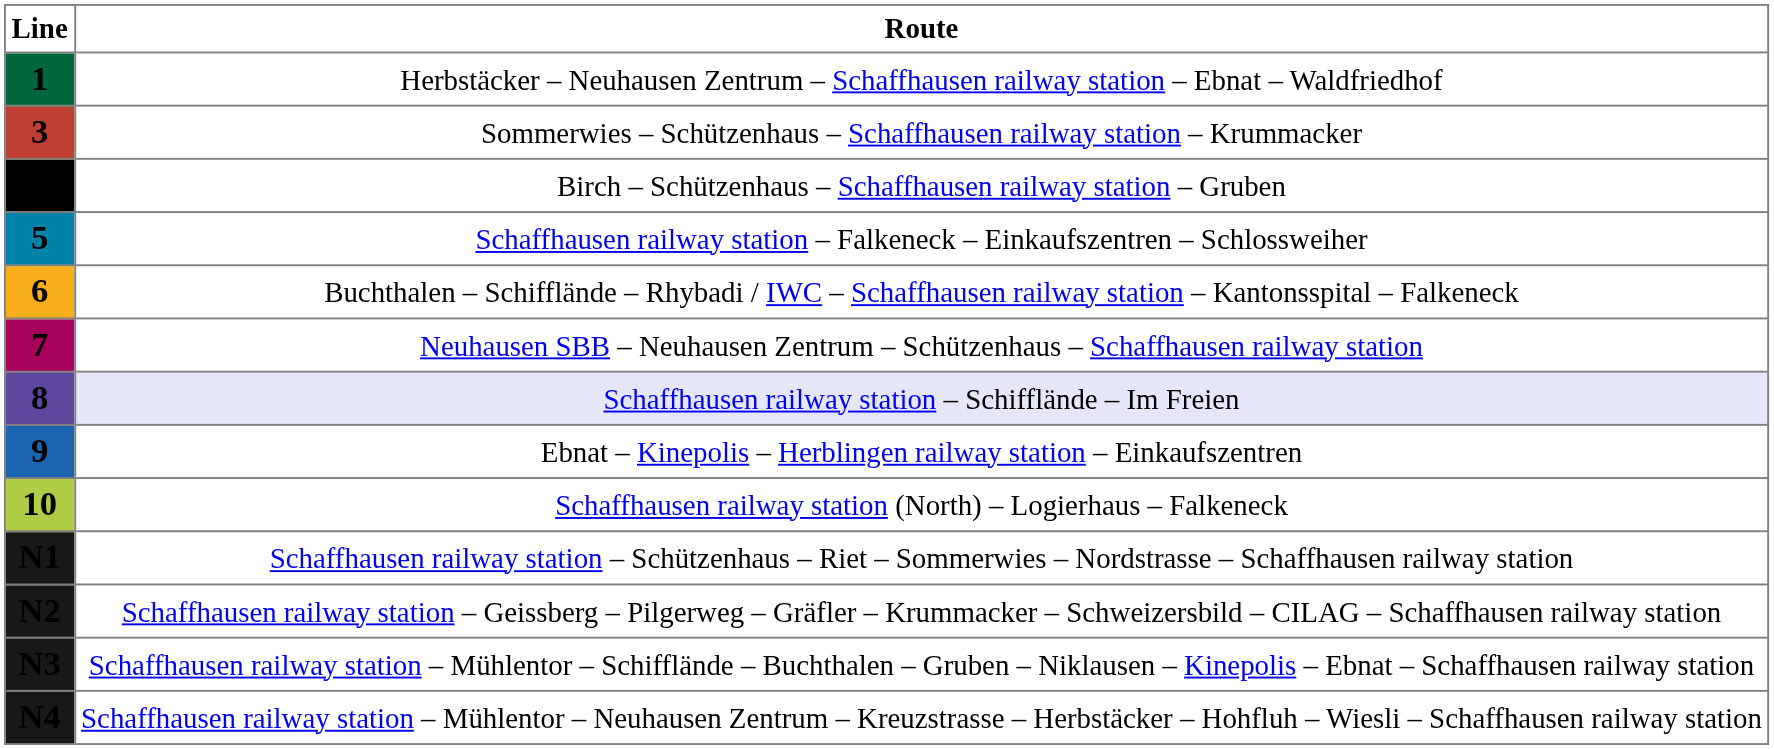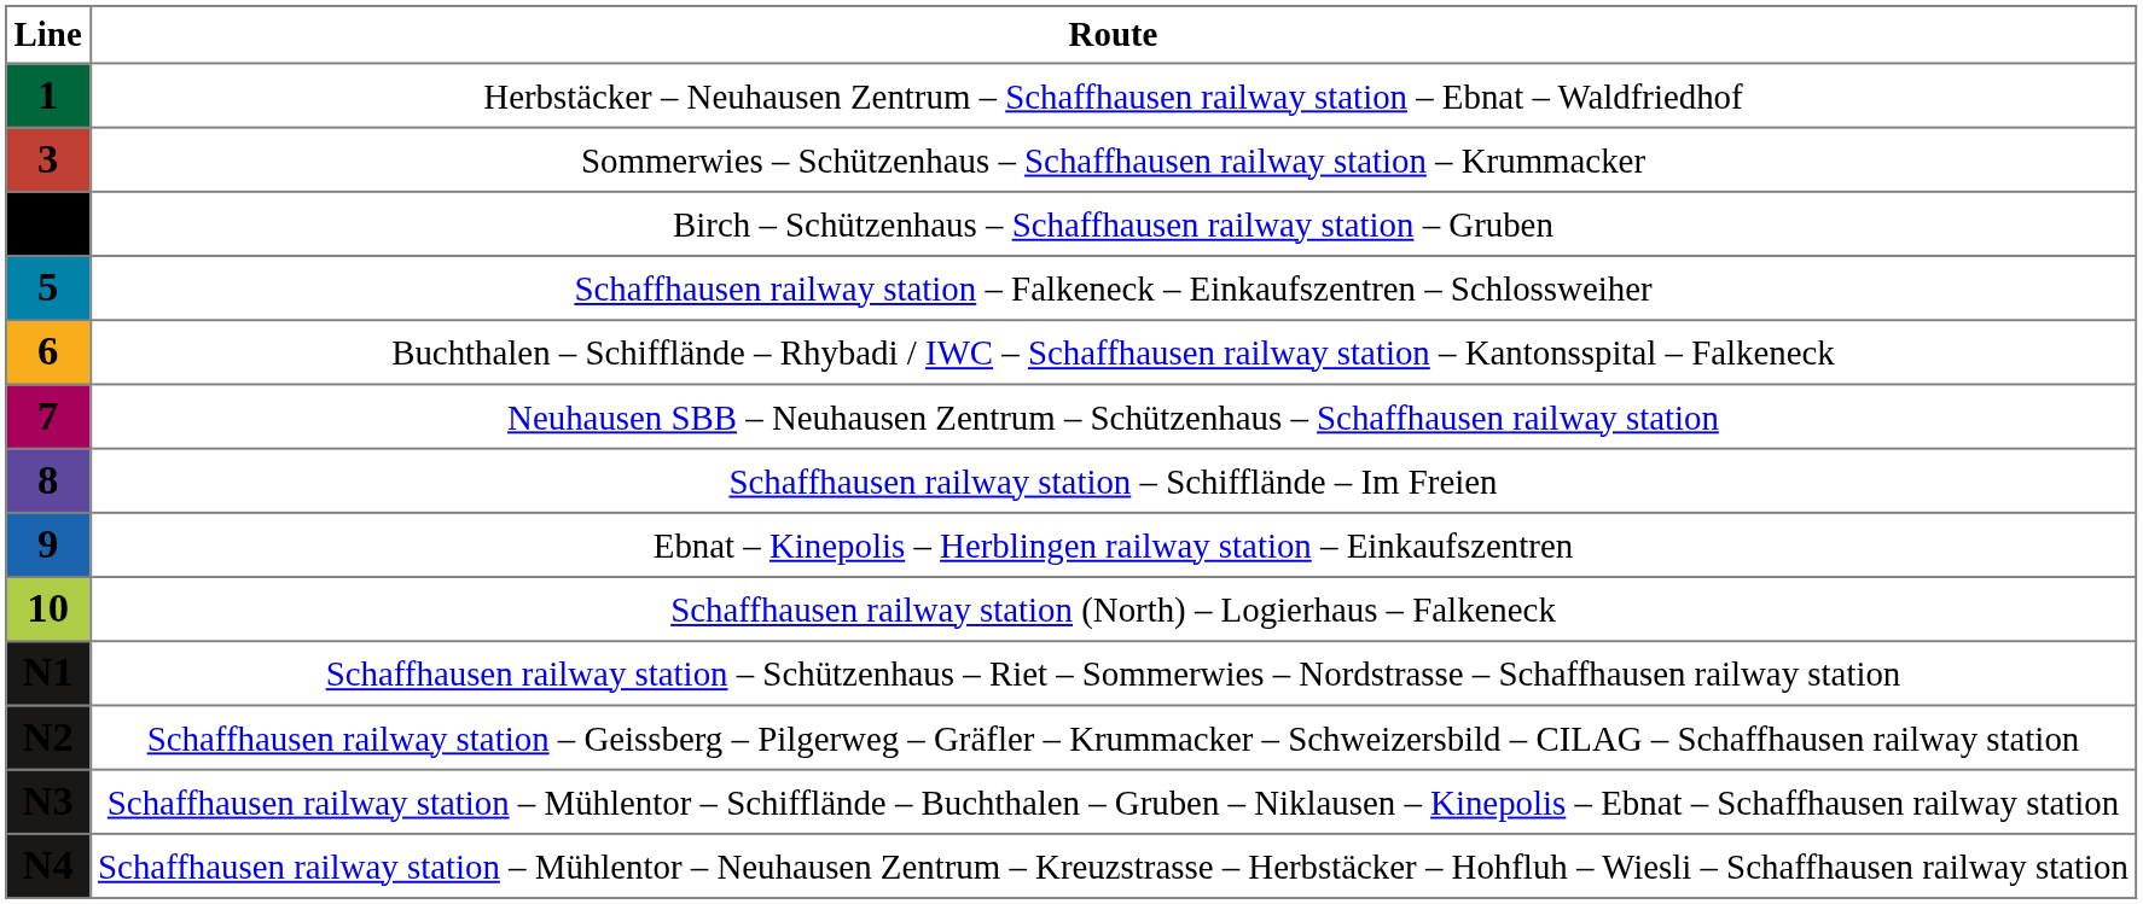 <table border="1" cellspacing="0" cellpadding="3" style="border-collapse:collapse; font-size:95%; margin-left:10px; margin-bottom:5px;">
 <tr>
 <th>Line</th>
 <th>Route</th>
 </tr>
 <tr align=center>
 <td bgcolor=#00673d><span><big><strong>1</strong></big></span></td>
 <td>Herbstäcker – Neuhausen Zentrum – <a href='#'>Schaffhausen railway station</a> – Ebnat – Waldfriedhof</td>
 </tr>
 <tr align=center>
 <td bgcolor=#bf3f33><span><big><strong>3</strong></big></span></td>
 <td>Sommerwies – Schützenhaus – <a href='#'>Schaffhausen railway station</a> – Krummacker</td>
 </tr>
 <tr align=center>
 <td bgcolor=#000000><span><big><strong>4</strong></big></span></td>
 <td>Birch – Schützenhaus – <a href='#'>Schaffhausen railway station</a> – Gruben</td>
 </tr>
 <tr align=center>
 <td bgcolor=#0183a9><span><big><strong>5</strong></big></span></td>
 <td><a href='#'>Schaffhausen railway station</a> – Falkeneck – Einkaufszentren – Schlossweiher</td>
 </tr>
 <tr align=center>
 <td bgcolor=#f8ae1a><span><big><strong>6</strong></big></span></td>
 <td>Buchthalen – Schifflände – Rhybadi / <a href='#'>IWC</a> – <a href='#'>Schaffhausen railway station</a> – Kantonsspital – Falkeneck</td>
 </tr>
 <tr align=center>
 <td bgcolor=#a8015b><span><big><strong>7</strong></big></span></td>
 <td><a href='#'>Neuhausen SBB</a> – Neuhausen Zentrum – Schützenhaus – <a href='#'>Schaffhausen railway station</a></td>
 </tr>
 <tr align=center>
 <td bgcolor=#5e489d><span><big><strong>8</strong></big></span></td>
-<td style="background: lavender;"><a href='#'>Schaffhausen railway station</a> – Schifflände – Im Freien</td>
+<td><a href='#'>Schaffhausen railway station</a> – Schifflände – Im Freien</td>
 </tr>
 <tr align=center>
 <td bgcolor=#1a64b0><span><big><strong>9</strong></big></span></td>
 <td>Ebnat – <a href='#'>Kinepolis</a> – <a href='#'>Herblingen railway station</a> – Einkaufszentren</td>
 </tr>
 <tr align=center>
 <td bgcolor=#afcc46><span><big><strong>10</strong></big></span></td>
 <td><a href='#'>Schaffhausen railway station</a> (North) – Logierhaus – Falkeneck</td>
 </tr>
 <tr align=center>
 <td bgcolor=#1A1817><span><big><strong>N1</strong></big></span></td>
 <td><a href='#'>Schaffhausen railway station</a> – Schützenhaus – Riet – Sommerwies – Nordstrasse – Schaffhausen railway station</td>
 </tr>
 <tr align=center>
 <td bgcolor=#1A1817><span><big><strong>N2</strong></big></span></td>
 <td><a href='#'>Schaffhausen railway station</a> – Geissberg – Pilgerweg – Gräfler – Krummacker – Schweizersbild – CILAG – Schaffhausen railway station</td>
 </tr>
 <tr align=center>
 <td bgcolor=#1A1817><span><big><strong>N3</strong></big></span></td>
 <td><a href='#'>Schaffhausen railway station</a> – Mühlentor – Schifflände – Buchthalen – Gruben – Niklausen – <a href='#'>Kinepolis</a> – Ebnat – Schaffhausen railway station</td>
 </tr>
 <tr align=center>
 <td bgcolor=#1A1817><span><big><strong>N4</strong></big></span></td>
 <td><a href='#'>Schaffhausen railway station</a> – Mühlentor – Neuhausen Zentrum – Kreuzstrasse – Herbstäcker – Hohfluh – Wiesli – Schaffhausen railway station</td>
 </tr>
 </table>
